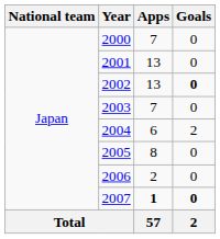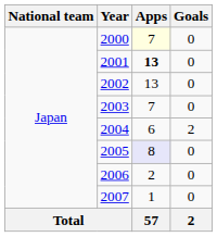 <table class="wikitable" style="text-align:center">
 <tr>
 <th>National team</th>
 <th>Year</th>
 <th>Apps</th>
 <th>Goals</th>
 </tr>
 <tr>
 <td rowspan="8"><a href='#'>Japan</a></td>
 <td><a href='#'>2000</a></td>
-<td>7</td>
+<td style="background: lightyellow;">7</td>
 <td>0</td>
 </tr>
 <tr>
 <td><a href='#'>2001</a></td>
-<td>13</td>
+<td><strong>13</strong></td>
 <td>0</td>
 </tr>
 <tr>
 <td><a href='#'>2002</a></td>
 <td>13</td>
-<td><strong>0</strong></td>
+<td>0</td>
 </tr>
 <tr>
 <td><a href='#'>2003</a></td>
 <td>7</td>
 <td>0</td>
 </tr>
 <tr>
 <td><a href='#'>2004</a></td>
 <td>6</td>
 <td>2</td>
 </tr>
 <tr>
 <td><a href='#'>2005</a></td>
-<td>8</td>
+<td style="background: lavender;">8</td>
 <td>0</td>
 </tr>
 <tr>
 <td><a href='#'>2006</a></td>
 <td>2</td>
 <td>0</td>
 </tr>
 <tr>
 <td><a href='#'>2007</a></td>
-<td><strong>1</strong></td>
-<td><strong>0</strong></td>
+<td>1</td>
+<td>0</td>
 </tr>
 <tr>
 <th colspan="2">Total</th>
 <th>57</th>
 <th>2</th>
 </tr>
 </table>
